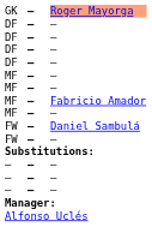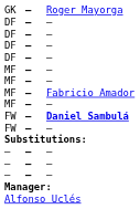 <table style = "font-size: 90%" cellspacing = "0" cellpadding = "0">
 <tr>
 <td colspan = 4></td>
 </tr>
 <tr>
 <th width = "25"></th>
 <th width = "25"></th>
 </tr>
 <tr>
 <td>GK</td>
 <td><strong>–</strong></td>
-<td style="background: lightsalmon;"> <a href='#'>Roger Mayorga</a></td>
+<td> <a href='#'>Roger Mayorga</a></td>
 </tr>
 <tr>
 <td>DF</td>
 <td><strong>–</strong></td>
 <td> –</td>
 </tr>
 <tr>
 <td>DF</td>
 <td><strong>–</strong></td>
 <td> –</td>
 </tr>
 <tr>
 <td>DF</td>
 <td><strong>–</strong></td>
 <td> –</td>
 </tr>
 <tr>
 <td>DF</td>
 <td><strong>–</strong></td>
 <td> –</td>
 </tr>
 <tr>
 <td>MF</td>
 <td><strong>–</strong></td>
 <td> –</td>
 </tr>
 <tr>
 <td>MF</td>
 <td><strong>–</strong></td>
 <td> –</td>
 </tr>
 <tr>
 <td>MF</td>
 <td><strong>–</strong></td>
 <td> <a href='#'>Fabricio Amador</a></td>
 </tr>
 <tr>
 <td>MF</td>
 <td><strong>–</strong></td>
 <td> –</td>
 </tr>
 <tr>
 <td>FW</td>
 <td><strong>–</strong></td>
-<td> <a href='#'>Daniel Sambulá</a></td>
+<td><strong> <a href='#'>Daniel Sambulá</a></strong></td>
 </tr>
 <tr>
 <td>FW</td>
 <td><strong>–</strong></td>
 <td> –</td>
 </tr>
 <tr>
 <td colspan = 3><strong>Substitutions:</strong></td>
 </tr>
 <tr>
 <td>–</td>
 <td><strong>–</strong></td>
 <td> –</td>
 </tr>
 <tr>
 <td>–</td>
 <td><strong>–</strong></td>
 <td> –</td>
 </tr>
 <tr>
 <td>–</td>
 <td><strong>–</strong></td>
 <td> –</td>
 </tr>
 <tr>
 <td colspan = 3><strong>Manager:</strong></td>
 </tr>
 <tr>
 <td colspan = 3> <a href='#'>Alfonso Uclés</a></td>
 </tr>
 </table>
